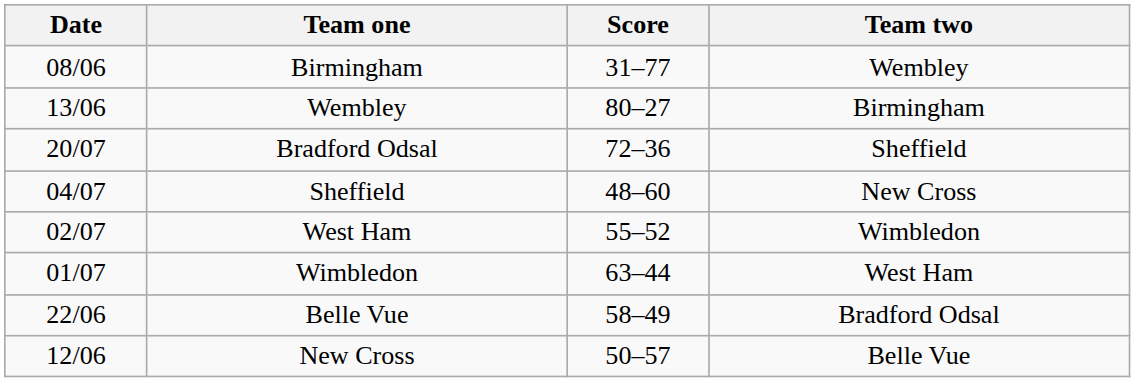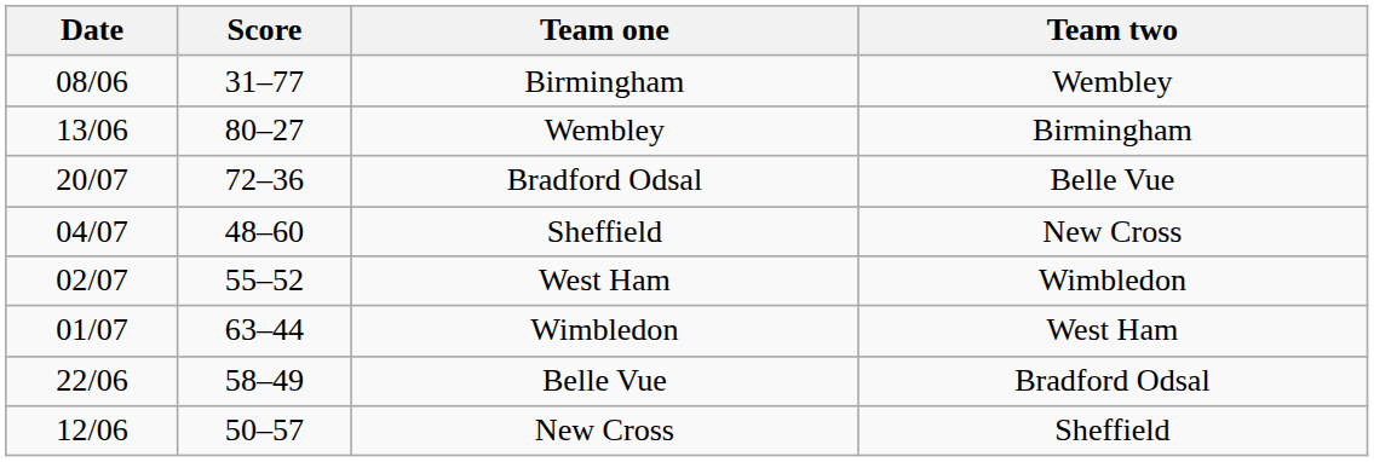 <table class="wikitable" style="text-align: center">
 <tr>
 <th width=80>Date</th>
+<th width=80>Score</th>
 <th width=250>Team one</th>
-<th width=80>Score</th>
 <th width=250>Team two</th>
 </tr>
 <tr>
 <td>08/06</td>
+<td>31–77</td>
 <td>Birmingham</td>
-<td>31–77</td>
 <td>Wembley</td>
 </tr>
 <tr>
 <td>13/06</td>
+<td>80–27</td>
 <td>Wembley</td>
-<td>80–27</td>
 <td>Birmingham</td>
 </tr>
 <tr>
 <td>20/07</td>
+<td>72–36</td>
 <td>Bradford Odsal</td>
-<td>72–36</td>
-<td>Sheffield</td>
+<td>Belle Vue</td>
 </tr>
 <tr>
 <td>04/07</td>
+<td>48–60</td>
 <td>Sheffield</td>
-<td>48–60</td>
 <td>New Cross</td>
 </tr>
 <tr>
 <td>02/07</td>
+<td>55–52</td>
 <td>West Ham</td>
-<td>55–52</td>
 <td>Wimbledon</td>
 </tr>
 <tr>
 <td>01/07</td>
+<td>63–44</td>
 <td>Wimbledon</td>
-<td>63–44</td>
 <td>West Ham</td>
 </tr>
 <tr>
 <td>22/06</td>
+<td>58–49</td>
 <td>Belle Vue</td>
-<td>58–49</td>
 <td>Bradford Odsal</td>
 </tr>
 <tr>
 <td>12/06</td>
+<td>50–57</td>
 <td>New Cross</td>
-<td>50–57</td>
-<td>Belle Vue</td>
+<td>Sheffield</td>
 </tr>
 </table>
